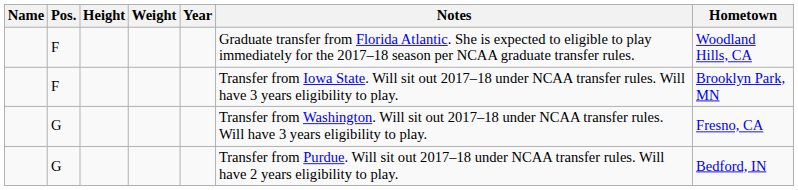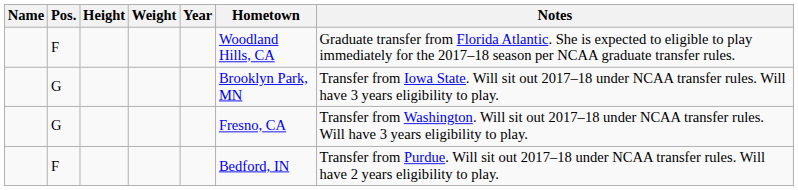 <table class="wikitable sortable" border="1">
 <tr>
 <th>Name</th>
 <th>Pos.</th>
 <th>Height</th>
 <th>Weight</th>
 <th>Year</th>
+<th>Hometown</th>
 <th class="unsortable">Notes</th>
-<th>Hometown</th>
 </tr>
 <tr>
 <td></td>
 <td>F</td>
 <td></td>
 <td></td>
 <td></td>
+<td><a href='#'>Woodland Hills, CA</a></td>
 <td>Graduate transfer from <a href='#'>Florida Atlantic</a>. She is expected to eligible to play immediately for the 2017–18 season per NCAA graduate transfer rules.</td>
-<td><a href='#'>Woodland Hills, CA</a></td>
+</tr>
+<tr>
+<td></td>
+<td>G</td>
+<td></td>
+<td></td>
+<td></td>
+<td><a href='#'>Brooklyn Park, MN</a></td>
+<td>Transfer from <a href='#'>Iowa State</a>. Will sit out 2017–18 under NCAA transfer rules. Will have 3 years eligibility to play.</td>
+</tr>
+<tr>
+<td></td>
+<td>G</td>
+<td></td>
+<td></td>
+<td></td>
+<td><a href='#'>Fresno, CA</a></td>
+<td>Transfer from <a href='#'>Washington</a>. Will sit out 2017–18 under NCAA transfer rules. Will have 3 years eligibility to play.</td>
 </tr>
 <tr>
 <td></td>
 <td>F</td>
 <td></td>
 <td></td>
 <td></td>
-<td>Transfer from <a href='#'>Iowa State</a>. Will sit out 2017–18 under NCAA transfer rules. Will have 3 years eligibility to play.</td>
-<td><a href='#'>Brooklyn Park, MN</a></td>
-</tr>
-<tr>
-<td></td>
-<td>G</td>
-<td></td>
-<td></td>
-<td></td>
-<td>Transfer from <a href='#'>Washington</a>. Will sit out 2017–18 under NCAA transfer rules. Will have 3 years eligibility to play.</td>
-<td><a href='#'>Fresno, CA</a></td>
-</tr>
-<tr>
-<td></td>
-<td>G</td>
-<td></td>
-<td></td>
-<td></td>
+<td><a href='#'>Bedford, IN</a></td>
 <td>Transfer from <a href='#'>Purdue</a>. Will sit out 2017–18 under NCAA transfer rules. Will have 2 years eligibility to play.</td>
-<td><a href='#'>Bedford, IN</a></td>
 </tr>
 </table>
